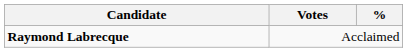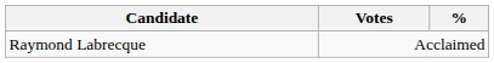 <table style="width:475px;" class="wikitable">
 <tr>
 <th align="center">Candidate</th>
 <th align="center">Votes</th>
 <th align="center">%</th>
 </tr>
 <tr>
-<td align="left"><strong>Raymond Labrecque</strong></td>
+<td align="left">Raymond Labrecque</td>
 <td align="right" colspan="2" align="center">Acclaimed</td>
 </tr>
 </table>
